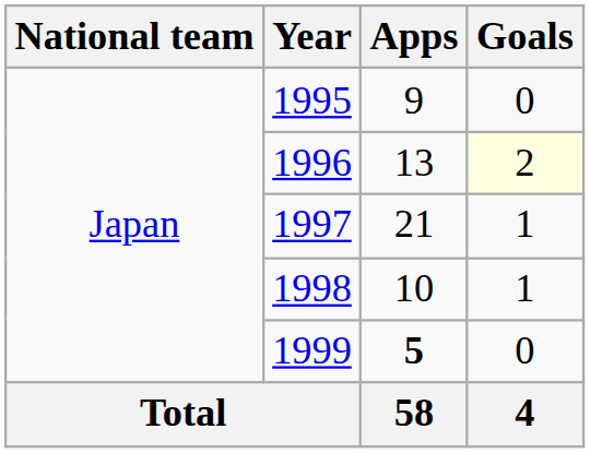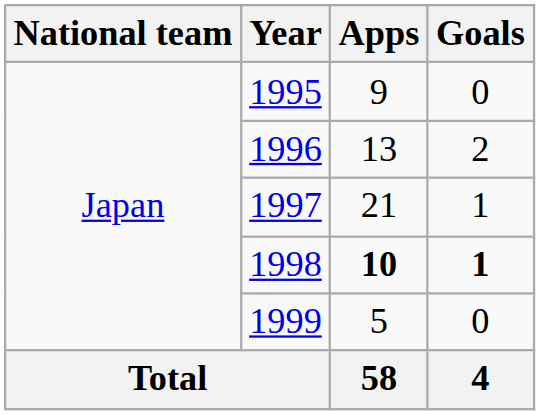 <table class="wikitable" style="text-align:center">
 <tr>
 <th>National team</th>
 <th>Year</th>
 <th>Apps</th>
 <th>Goals</th>
 </tr>
 <tr>
 <td rowspan="5"><a href='#'>Japan</a></td>
 <td><a href='#'>1995</a></td>
 <td>9</td>
 <td>0</td>
 </tr>
 <tr>
 <td><a href='#'>1996</a></td>
 <td>13</td>
-<td style="background: lightyellow;">2</td>
+<td>2</td>
 </tr>
 <tr>
 <td><a href='#'>1997</a></td>
 <td>21</td>
 <td>1</td>
 </tr>
 <tr>
 <td><a href='#'>1998</a></td>
-<td>10</td>
-<td>1</td>
+<td><strong>10</strong></td>
+<td><strong>1</strong></td>
 </tr>
 <tr>
 <td><a href='#'>1999</a></td>
-<td><strong>5</strong></td>
+<td>5</td>
 <td>0</td>
 </tr>
 <tr>
 <th colspan="2">Total</th>
 <th>58</th>
 <th>4</th>
 </tr>
 </table>
